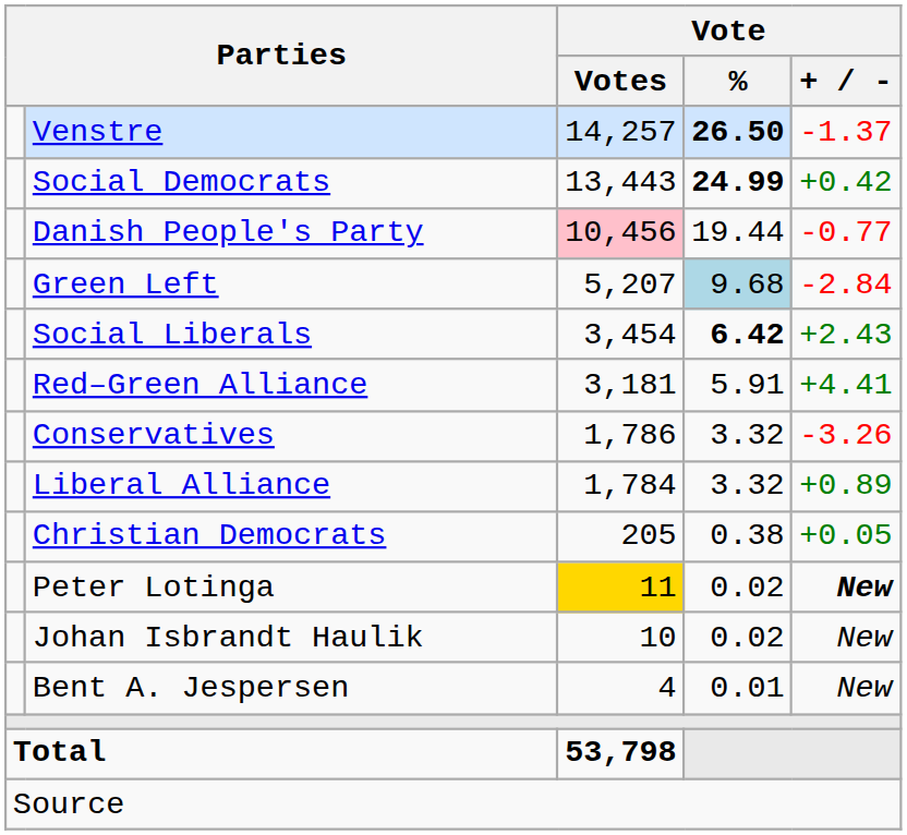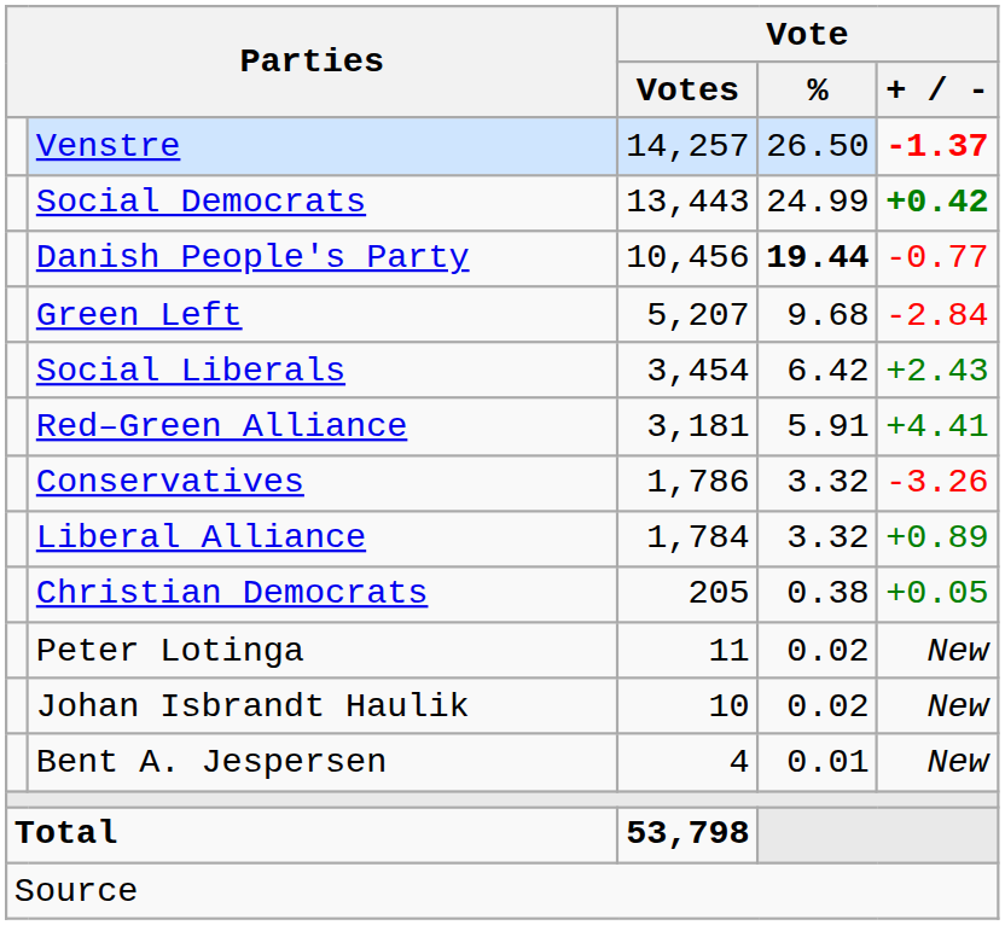 <table class="wikitable" style="text-align:right;">
 <tr>
 <th style="text-align:centre;" rowspan="2" colspan="2" width="225">Parties</th>
 <th colspan="3">Vote</th>
 </tr>
 <tr>
 <th width="15">Votes</th>
 <th width="15">%</th>
 <th width="15">+ / -</th>
 </tr>
 <tr>
 <td width="2" style="color:inherit;background:"></td>
 <td bgcolor=#cfe5fe  align="left"><a href='#'>Venstre</a></td>
 <td bgcolor=#cfe5fe>14,257</td>
-<td bgcolor=#cfe5fe><strong>26.50</strong></td>
-<td style=color:red;>-1.37</td>
+<td bgcolor=#cfe5fe>26.50</td>
+<td style=color:red;><strong>-1.37</strong></td>
 </tr>
 <tr>
 <td width="2" style="color:inherit;background:"></td>
 <td align="left"><a href='#'>Social Democrats</a></td>
 <td>13,443</td>
-<td><strong>24.99</strong></td>
-<td style=color:green;>+0.42</td>
+<td>24.99</td>
+<td style=color:green;><strong>+0.42</strong></td>
 </tr>
 <tr>
 <td width="2" style="color:inherit;background:"></td>
 <td align="left"><a href='#'>Danish People's Party</a></td>
-<td style="background: pink;">10,456</td>
-<td>19.44</td>
+<td>10,456</td>
+<td><strong>19.44</strong></td>
 <td style=color:red;>-0.77</td>
 </tr>
 <tr>
 <td width="2" style="color:inherit;background:"></td>
 <td align="left"><a href='#'>Green Left</a></td>
 <td>5,207</td>
-<td style="background: lightblue;">9.68</td>
+<td>9.68</td>
 <td style=color:red;>-2.84</td>
 </tr>
 <tr>
 <td width="2" style="color:inherit;background:"></td>
 <td align="left"><a href='#'>Social Liberals</a></td>
 <td>3,454</td>
-<td><strong>6.42</strong></td>
+<td>6.42</td>
 <td style=color:green;>+2.43</td>
 </tr>
 <tr>
 <td width="2" style="color:inherit;background:"></td>
 <td align="left"><a href='#'>Red–Green Alliance</a></td>
 <td>3,181</td>
 <td>5.91</td>
 <td style=color:green;>+4.41</td>
 </tr>
 <tr>
 <td width="2" style="color:inherit;background:"></td>
 <td align="left"><a href='#'>Conservatives</a></td>
 <td>1,786</td>
 <td>3.32</td>
 <td style=color:red;>-3.26</td>
 </tr>
 <tr>
 <td width="2" style="color:inherit;background:"></td>
 <td align="left"><a href='#'>Liberal Alliance</a></td>
 <td>1,784</td>
 <td>3.32</td>
 <td style=color:green;>+0.89</td>
 </tr>
 <tr>
 <td width="2" style="color:inherit;background:"></td>
 <td align="left"><a href='#'>Christian Democrats</a></td>
 <td>205</td>
 <td>0.38</td>
 <td style=color:green;>+0.05</td>
 </tr>
 <tr>
 <td width="2" style="color:inherit;background:"></td>
 <td align="left">Peter Lotinga</td>
-<td style="background: gold;">11</td>
+<td>11</td>
 <td>0.02</td>
-<td><strong><em>New</em></strong></td>
+<td><em>New</em></td>
 </tr>
 <tr>
 <td width="2" style="color:inherit;background:"></td>
 <td align="left">Johan Isbrandt Haulik</td>
 <td>10</td>
 <td>0.02</td>
 <td><em>New</em></td>
 </tr>
 <tr>
 <td width="2" style="color:inherit;background:"></td>
 <td align="left">Bent A. Jespersen</td>
 <td>4</td>
 <td>0.01</td>
 <td><em>New</em></td>
 </tr>
 <tr>
 <td colspan="7" bgcolor="#E9E9E9"></td>
 </tr>
 <tr>
 <td align="left" colspan="2"><strong>Total</strong></td>
 <td><strong>53,798</strong></td>
 <td bgcolor="#E9E9E9" colspan="2"></td>
 </tr>
 <tr>
 <td align="left" colspan="6">Source</td>
 </tr>
 </table>
